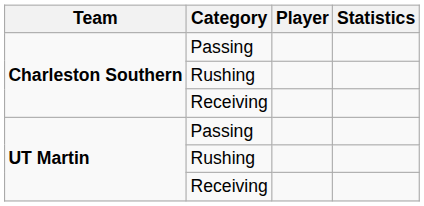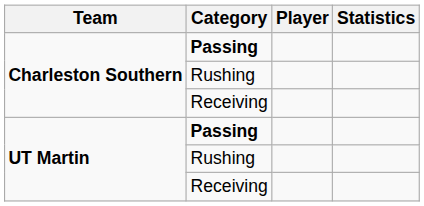 <table class="wikitable" style="float: right;">
 <tr>
 <th>Team</th>
 <th>Category</th>
 <th>Player</th>
 <th>Statistics</th>
 </tr>
 <tr>
 <td rowspan=3><strong>Charleston Southern</strong></td>
-<td>Passing</td>
+<td><strong>Passing</strong></td>
 <td></td>
 <td></td>
 </tr>
 <tr>
 <td>Rushing</td>
 <td></td>
 <td></td>
 </tr>
 <tr>
 <td>Receiving</td>
 <td></td>
 <td></td>
 </tr>
 <tr>
 <td rowspan=3><strong>UT Martin</strong></td>
-<td>Passing</td>
+<td><strong>Passing</strong></td>
 <td></td>
 <td></td>
 </tr>
 <tr>
 <td>Rushing</td>
 <td></td>
 <td></td>
 </tr>
 <tr>
 <td>Receiving</td>
 <td></td>
 <td></td>
 </tr>
 </table>
